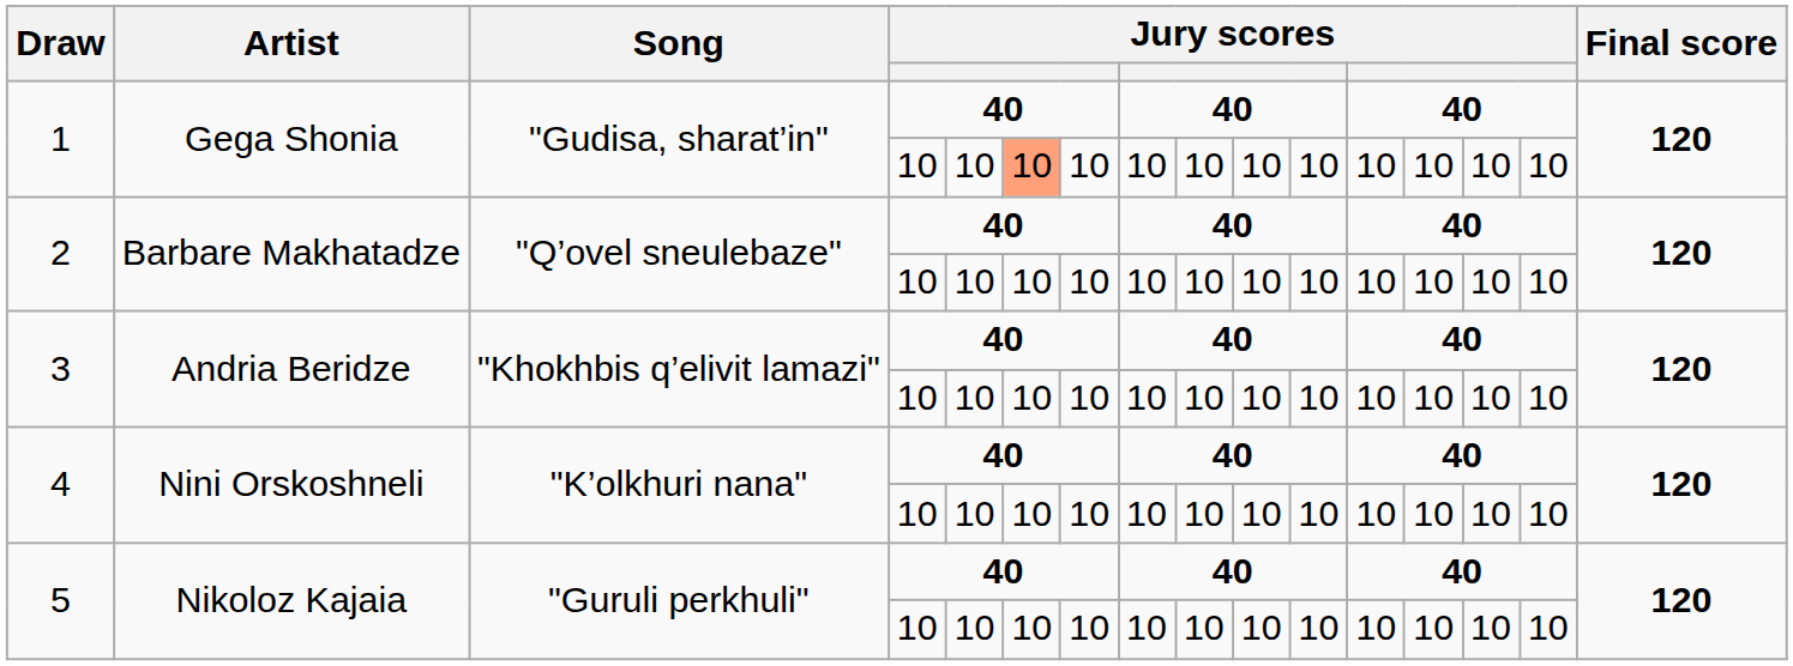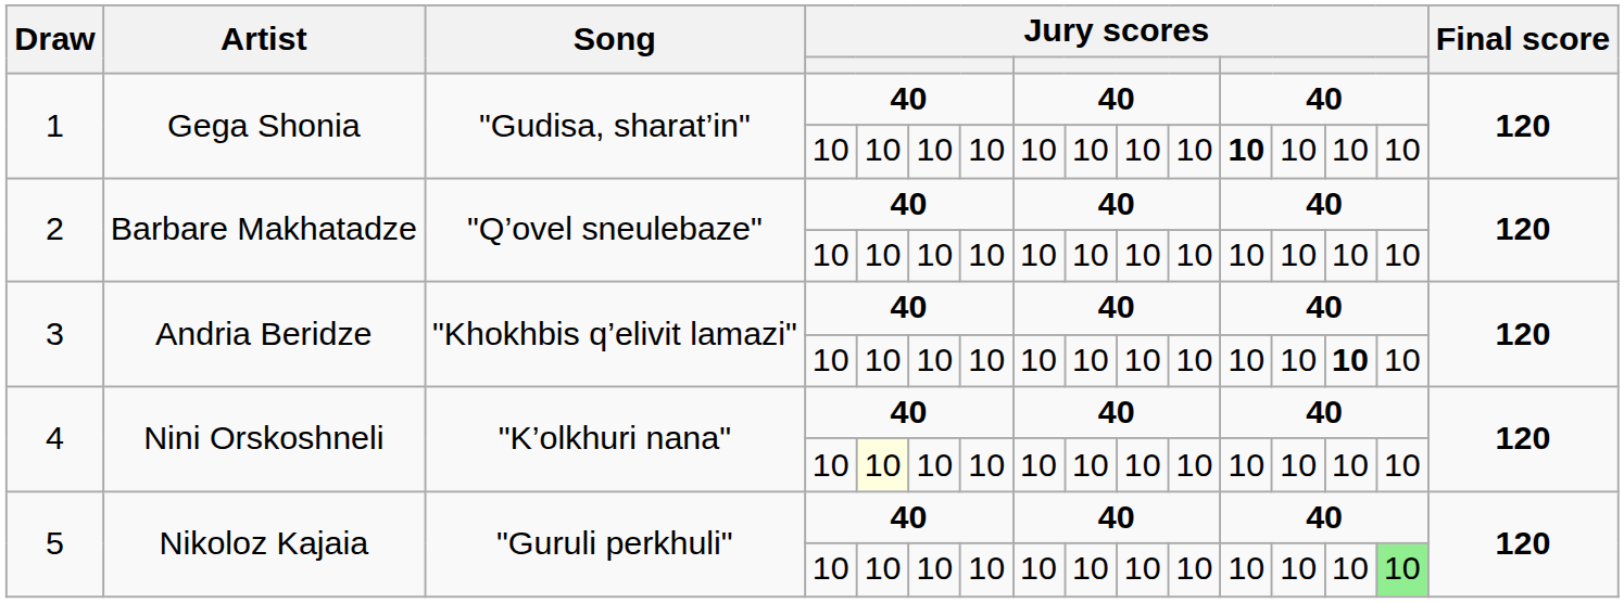 <table class="sortable wikitable" style="text-align:center;margin:1em auto 1em auto">
 <tr>
 <th rowspan="2" scope="col">Draw</th>
 <th rowspan="2" scope="col">Artist</th>
 <th rowspan="2" scope="col">Song</th>
 <th colspan="12" scope="col">Jury scores</th>
 <th rowspan="2" scope="col">Final score</th>
 </tr>
 <tr>
 <th colspan="4" scope="col" class="unsortable"><small></small></th>
 <th colspan="4" scope="col" class="unsortable"><small></small></th>
 <th colspan="4" scope="col" class="unsortable"><small></small></th>
 </tr>
 <tr>
 <td rowspan="2">1</td>
 <td rowspan="2">Gega Shonia</td>
 <td rowspan="2">"Gudisa, sharat’in"<br></td>
 <td colspan="4"><strong>40</strong></td>
 <td colspan="4"><strong>40</strong></td>
 <td colspan="4"><strong>40</strong></td>
 <td rowspan="2"><strong>120</strong></td>
 </tr>
 <tr>
 <td>10</td>
 <td>10</td>
-<td style="background: lightsalmon;">10</td>
 <td>10</td>
 <td>10</td>
 <td>10</td>
 <td>10</td>
 <td>10</td>
 <td>10</td>
+<td><strong>10</strong></td>
 <td>10</td>
 <td>10</td>
 <td>10</td>
 </tr>
 <tr>
 <td rowspan="2">2</td>
 <td rowspan="2">Barbare Makhatadze</td>
 <td rowspan="2">"Q’ovel sneulebaze"<br></td>
 <td colspan="4"><strong>40</strong></td>
 <td colspan="4"><strong>40</strong></td>
 <td colspan="4"><strong>40</strong></td>
 <td rowspan="2"><strong>120</strong></td>
 </tr>
 <tr>
 <td>10</td>
 <td>10</td>
 <td>10</td>
 <td>10</td>
 <td>10</td>
 <td>10</td>
 <td>10</td>
 <td>10</td>
 <td>10</td>
 <td>10</td>
 <td>10</td>
 <td>10</td>
 </tr>
 <tr>
 <td rowspan="2">3</td>
 <td rowspan="2">Andria Beridze</td>
 <td rowspan="2">"Khokhbis q’elivit lamazi"<br></td>
 <td colspan="4"><strong>40</strong></td>
 <td colspan="4"><strong>40</strong></td>
 <td colspan="4"><strong>40</strong></td>
 <td rowspan="2"><strong>120</strong></td>
 </tr>
 <tr>
 <td>10</td>
 <td>10</td>
 <td>10</td>
 <td>10</td>
 <td>10</td>
 <td>10</td>
 <td>10</td>
 <td>10</td>
 <td>10</td>
 <td>10</td>
-<td>10</td>
+<td><strong>10</strong></td>
 <td>10</td>
 </tr>
 <tr>
 <td rowspan="2">4</td>
 <td rowspan="2">Nini Orskoshneli</td>
 <td rowspan="2">"K’olkhuri nana"<br></td>
 <td colspan="4"><strong>40</strong></td>
 <td colspan="4"><strong>40</strong></td>
 <td colspan="4"><strong>40</strong></td>
 <td rowspan="2"><strong>120</strong></td>
 </tr>
 <tr>
 <td>10</td>
-<td>10</td>
+<td style="background: lightyellow;">10</td>
 <td>10</td>
 <td>10</td>
 <td>10</td>
 <td>10</td>
 <td>10</td>
 <td>10</td>
 <td>10</td>
 <td>10</td>
 <td>10</td>
 <td>10</td>
 </tr>
 <tr>
 <td rowspan="2">5</td>
 <td rowspan="2">Nikoloz Kajaia</td>
 <td rowspan="2">"Guruli perkhuli"<br></td>
 <td colspan="4"><strong>40</strong></td>
 <td colspan="4"><strong>40</strong></td>
 <td colspan="4"><strong>40</strong></td>
 <td rowspan="2"><strong>120</strong></td>
 </tr>
 <tr>
 <td>10</td>
 <td>10</td>
 <td>10</td>
 <td>10</td>
 <td>10</td>
 <td>10</td>
 <td>10</td>
 <td>10</td>
 <td>10</td>
 <td>10</td>
 <td>10</td>
-<td>10</td>
+<td style="background: lightgreen;">10</td>
 </tr>
 </table>
